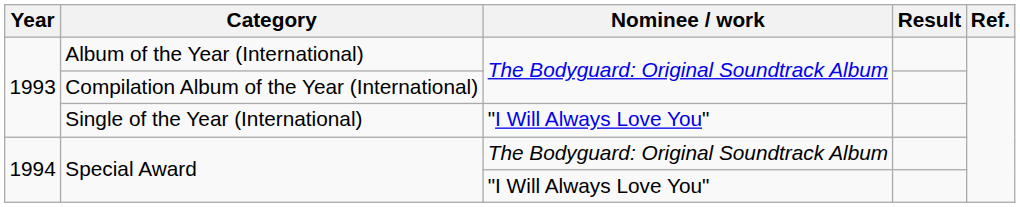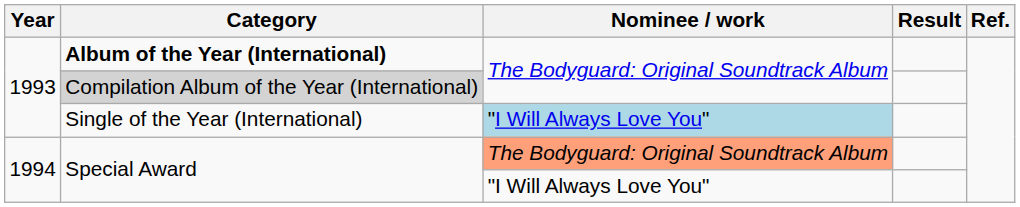 <table class="wikitable">
 <tr>
 <th>Year</th>
 <th>Category</th>
 <th>Nominee / work</th>
 <th>Result</th>
 <th>Ref.</th>
 </tr>
 <tr>
 <td rowspan="3">1993</td>
-<td>Album of the Year (International)</td>
+<td><strong>Album of the Year (International)</strong></td>
 <td rowspan="2"><em><a href='#'>The Bodyguard: Original Soundtrack Album</a></em></td>
 <td></td>
 <td rowspan="5" align="center"> <br> </td>
 </tr>
 <tr>
-<td>Compilation Album of the Year (International)</td>
+<td style="background: lightgrey;">Compilation Album of the Year (International)</td>
 <td></td>
 </tr>
 <tr>
 <td>Single of the Year (International)</td>
-<td>"<a href='#'>I Will Always Love You</a>"</td>
+<td style="background: lightblue;">"<a href='#'>I Will Always Love You</a>"</td>
 <td></td>
 </tr>
 <tr>
 <td rowspan="2">1994</td>
 <td rowspan="2">Special Award</td>
-<td><em>The Bodyguard: Original Soundtrack Album</em></td>
+<td style="background: lightsalmon;"><em>The Bodyguard: Original Soundtrack Album</em></td>
 <td></td>
 </tr>
 <tr>
 <td>"I Will Always Love You"</td>
 <td></td>
 </tr>
 </table>
